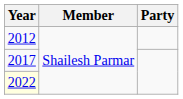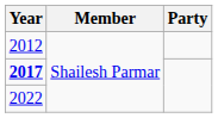 <table class="wikitable sortable">
 <tr>
 <th>Year</th>
 <th>Member</th>
 <th colspan="2">Party</th>
 </tr>
 <tr>
 <td><a href='#'>2012</a></td>
 <td rowspan="3"><a href='#'>Shailesh Parmar</a></td>
 <td></td>
 </tr>
 <tr>
-<td><a href='#'>2017</a></td>
+<td><strong><a href='#'>2017</a></strong></td>
 </tr>
 <tr>
-<td style="background: lightyellow;"><a href='#'>2022</a></td>
+<td><a href='#'>2022</a></td>
 </tr>
 </table>
